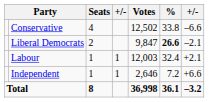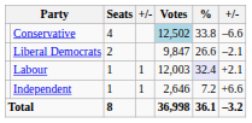 <table class="wikitable sortable">
 <tr>
 <th colspan="2">Party</th>
 <th>Seats</th>
 <th>+/-</th>
 <th>Votes</th>
 <th>%</th>
 <th>+/-</th>
 </tr>
 <tr>
 <td style="background-color: "></td>
 <td><a href='#'>Conservative</a></td>
 <td>4</td>
 <td></td>
-<td style="text-align:right;">12,502</td>
+<td style="background: lightblue; text-align:right;">12,502</td>
 <td style="text-align:right;">33.8</td>
 <td style="text-align:right;">–6.6</td>
 </tr>
 <tr>
 <td style="background-color: "></td>
 <td><a href='#'>Liberal Democrats</a></td>
 <td>2</td>
 <td></td>
 <td style="text-align:right;">9,847</td>
-<td style="text-align:right;"><strong>26.6</strong></td>
+<td style="text-align:right;">26.6</td>
 <td style="text-align:right;">–2.1</td>
 </tr>
 <tr>
 <td style="background-color: "></td>
 <td><a href='#'>Labour</a></td>
 <td>1</td>
 <td> 1</td>
 <td style="text-align:right;">12,003</td>
-<td style="text-align:right;">32.4</td>
+<td style="background: lavender; text-align:right;">32.4</td>
 <td style="text-align:right;">+2.1</td>
 </tr>
 <tr>
 <td style="background-color: "></td>
 <td><a href='#'>Independent</a></td>
 <td>1</td>
 <td> 1</td>
 <td style="text-align:right;">2,646</td>
 <td style="text-align:right;">7.2</td>
 <td style="text-align:right;">+6.6</td>
 </tr>
 <tr>
 <td colspan="2"><strong>Total</strong></td>
 <td><strong>8</strong></td>
 <td></td>
 <td style="text-align:right;"><strong>36,998</strong></td>
 <td style="text-align:right;"><strong>36.1</strong></td>
 <td style="text-align:right;"><strong>–3.2</strong></td>
 </tr>
 </table>
